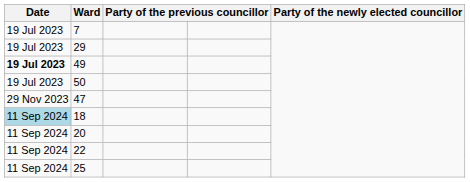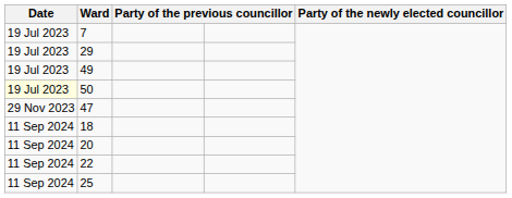 <table class="wikitable">
 <tr>
 <th>Date</th>
 <th>Ward</th>
 <th colspan=2>Party of the previous councillor</th>
 <th colspan=2>Party of the newly elected councillor</th>
 </tr>
 <tr>
 <td>19 Jul 2023</td>
 <td>7</td>
 <td></td>
 <td></td>
 </tr>
 <tr>
 <td>19 Jul 2023</td>
 <td>29</td>
 <td></td>
 <td></td>
 </tr>
 <tr>
-<td><strong>19 Jul 2023</strong></td>
+<td>19 Jul 2023</td>
 <td>49</td>
 <td></td>
 <td></td>
 </tr>
 <tr>
-<td>19 Jul 2023</td>
+<td style="background: lightyellow;">19 Jul 2023</td>
 <td>50</td>
 <td></td>
 <td></td>
 </tr>
 <tr>
 <td>29 Nov 2023</td>
 <td>47</td>
 <td></td>
 <td></td>
 </tr>
 <tr>
-<td style="background: lightblue;">11 Sep 2024</td>
+<td>11 Sep 2024</td>
 <td>18</td>
 <td></td>
 <td></td>
 </tr>
 <tr>
 <td>11 Sep 2024</td>
 <td>20</td>
 <td></td>
 <td></td>
 </tr>
 <tr>
 <td>11 Sep 2024</td>
 <td>22</td>
 <td></td>
 <td></td>
 </tr>
 <tr>
 <td>11 Sep 2024</td>
 <td>25</td>
 <td></td>
 <td></td>
 </tr>
 </table>
